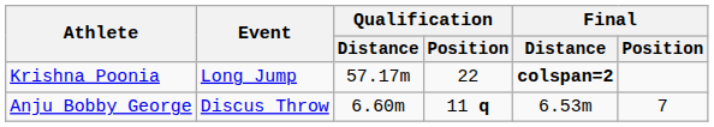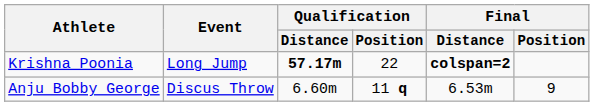 <table class=wikitable style="font-size:90%">
 <tr>
 <th rowspan="2">Athlete</th>
 <th rowspan="2">Event</th>
 <th colspan="2">Qualification</th>
 <th colspan="2">Final</th>
 </tr>
 <tr style="font-size:95%">
 <th>Distance</th>
 <th>Position</th>
 <th>Distance</th>
 <th>Position</th>
 </tr>
 <tr style=text-align:center>
 <td style=text-align:left><a href='#'>Krishna Poonia</a></td>
 <td style="text-align:left"><a href='#'>Long Jump</a></td>
-<td>57.17m</td>
+<td><strong>57.17m</strong></td>
 <td>22</td>
 <td><strong>colspan=2 </strong></td>
 </tr>
 <tr style=text-align:center>
 <td style=text-align:left><a href='#'>Anju Bobby George</a></td>
 <td style="text-align:left"><a href='#'>Discus Throw</a></td>
 <td>6.60m</td>
 <td>11 <strong>q</strong></td>
 <td>6.53m</td>
-<td>7</td>
+<td>9</td>
 </tr>
 </table>
